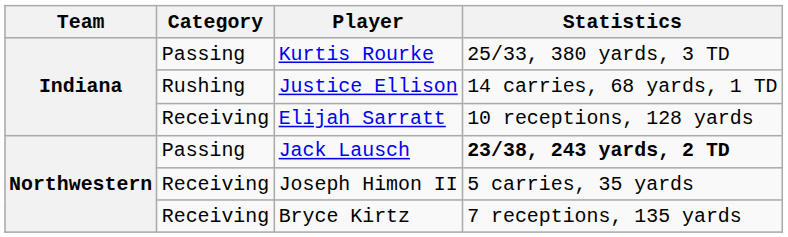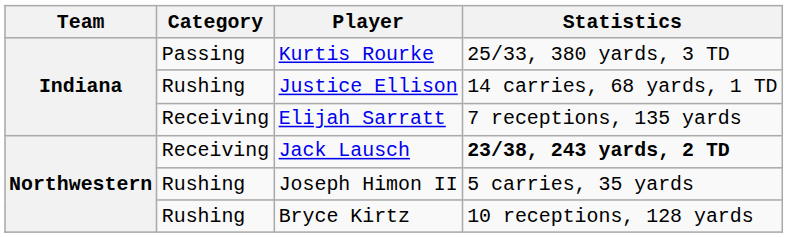 <table class="wikitable" style="float:right">
 <tr>
 <th>Team</th>
 <th>Category</th>
 <th>Player</th>
 <th>Statistics</th>
 </tr>
 <tr>
 <th rowspan=3>Indiana</th>
 <td>Passing</td>
 <td><a href='#'>Kurtis Rourke</a></td>
 <td>25/33, 380 yards, 3 TD</td>
 </tr>
 <tr>
 <td>Rushing</td>
 <td><a href='#'>Justice Ellison</a></td>
 <td>14 carries, 68 yards, 1 TD</td>
 </tr>
 <tr>
 <td>Receiving</td>
 <td><a href='#'>Elijah Sarratt</a></td>
-<td>10 receptions, 128 yards</td>
+<td>7 receptions, 135 yards</td>
 </tr>
 <tr>
 <th rowspan=3>Northwestern</th>
-<td>Passing</td>
+<td>Receiving</td>
 <td><a href='#'>Jack Lausch</a></td>
 <td><strong>23/38, 243 yards, 2 TD</strong></td>
 </tr>
 <tr>
-<td>Receiving</td>
+<td>Rushing</td>
 <td>Joseph Himon II</td>
 <td>5 carries, 35 yards</td>
 </tr>
 <tr>
-<td>Receiving</td>
+<td>Rushing</td>
 <td>Bryce Kirtz</td>
-<td>7 receptions, 135 yards</td>
+<td>10 receptions, 128 yards</td>
 </tr>
 </table>
